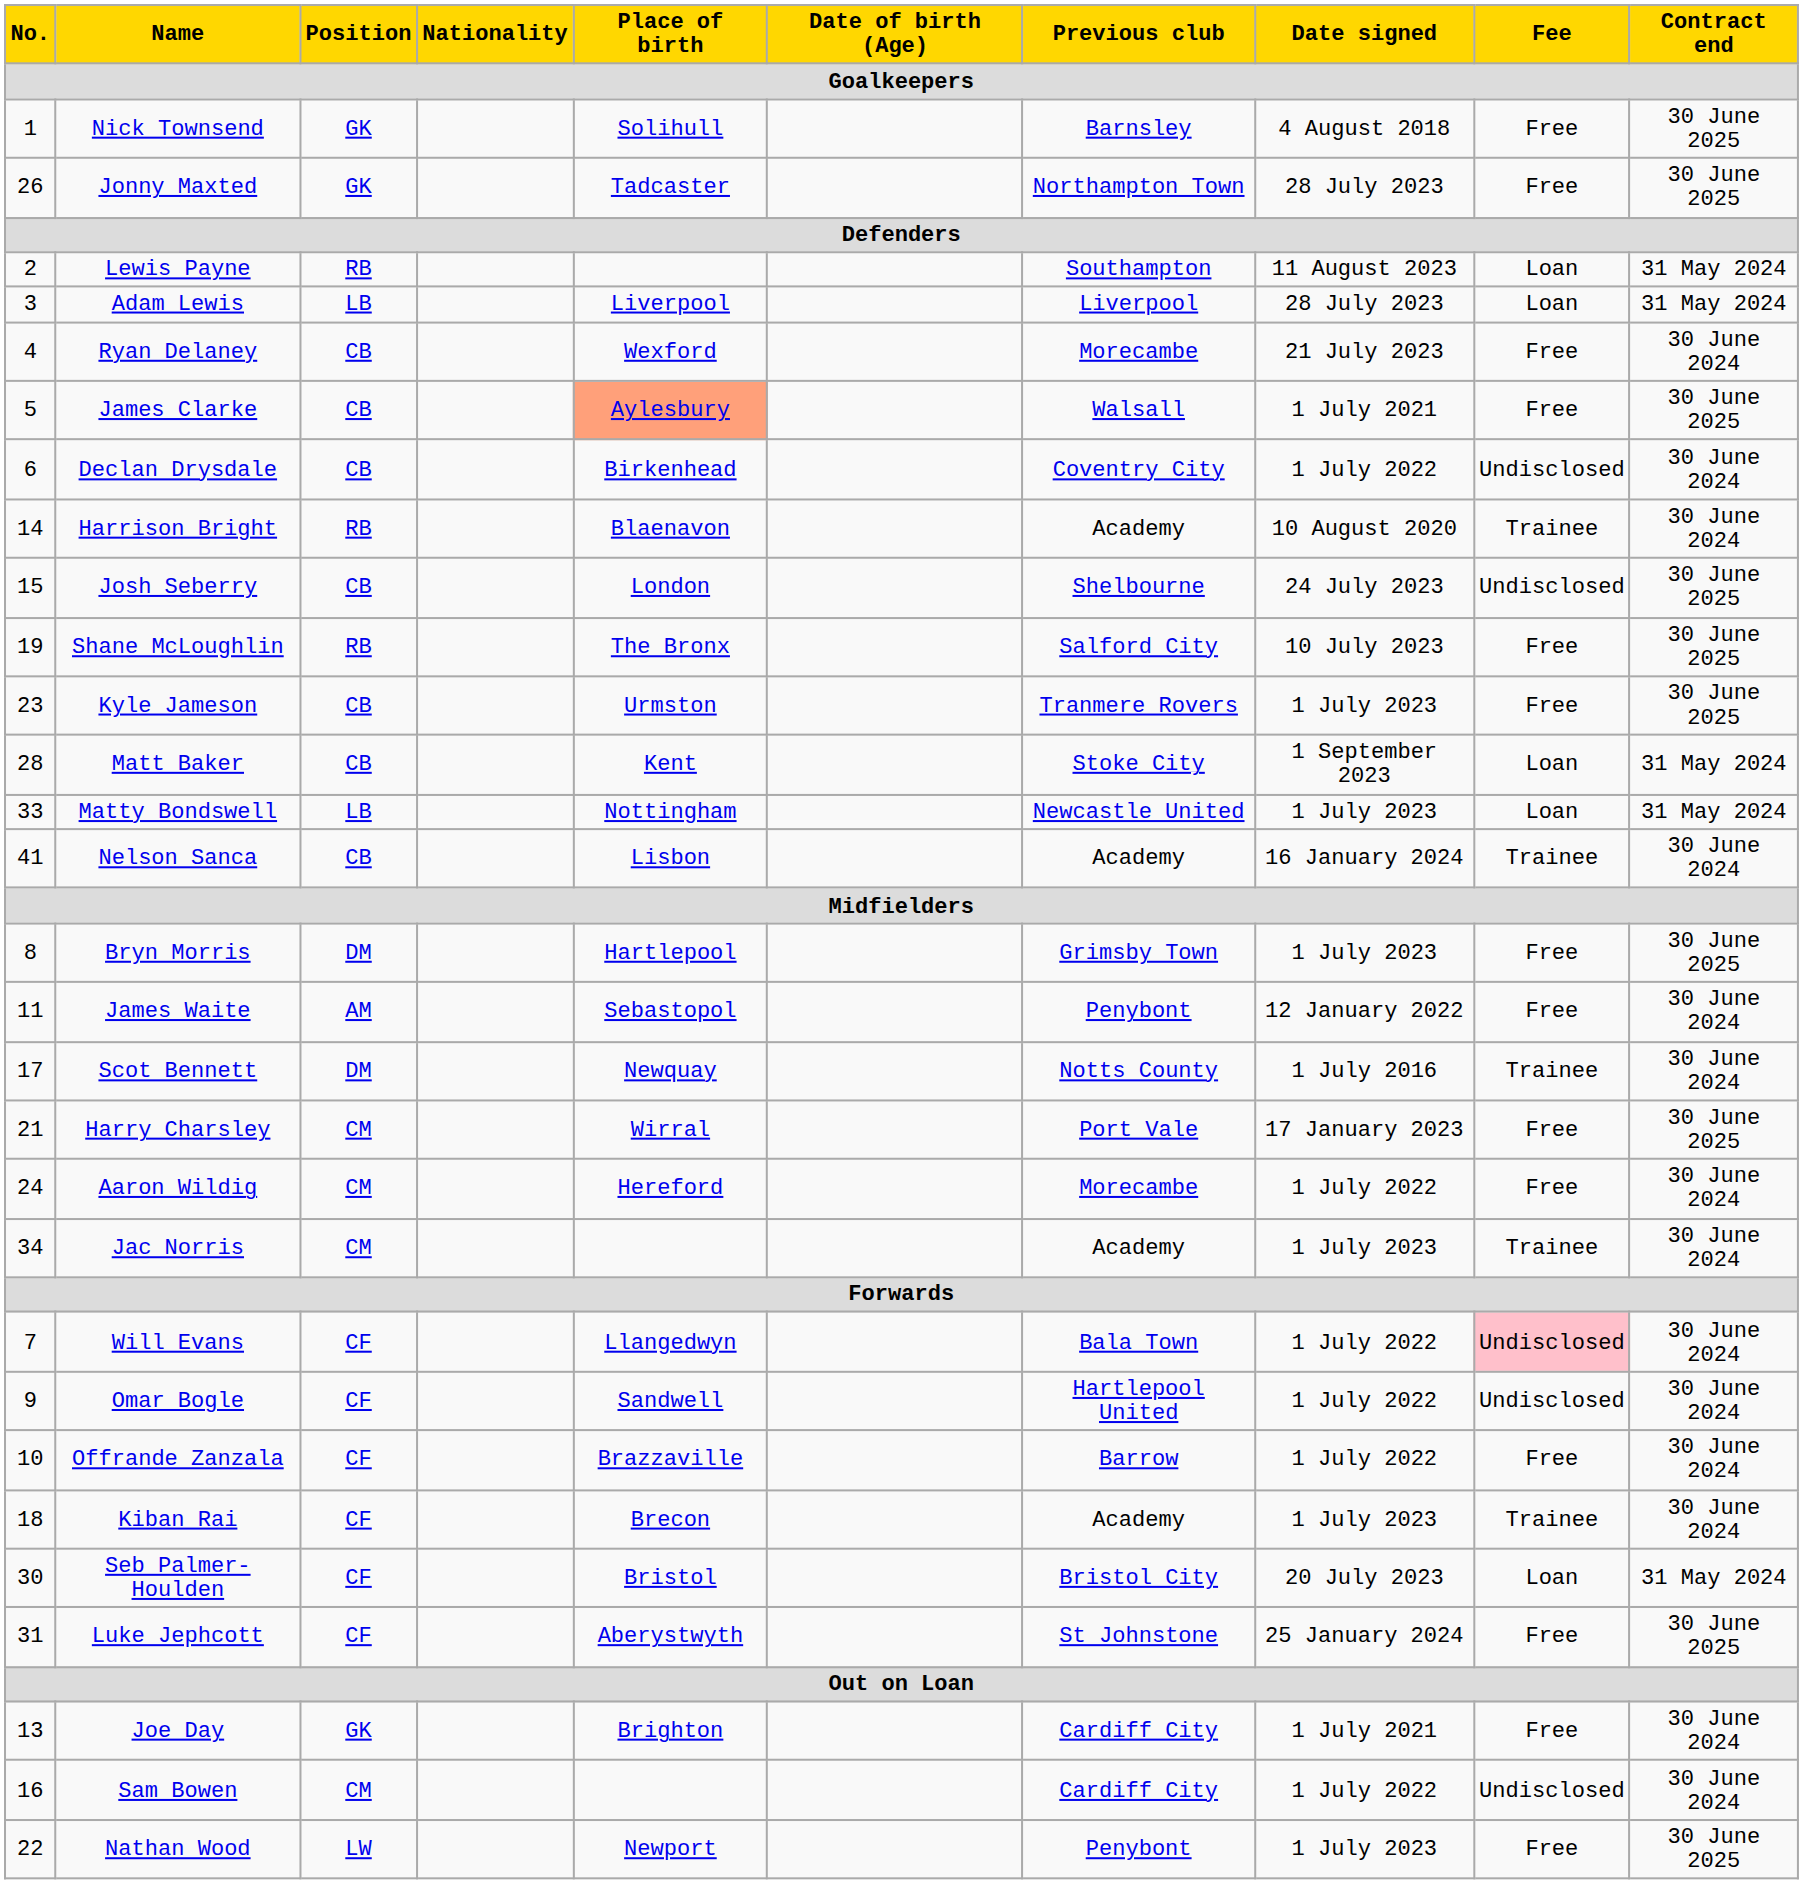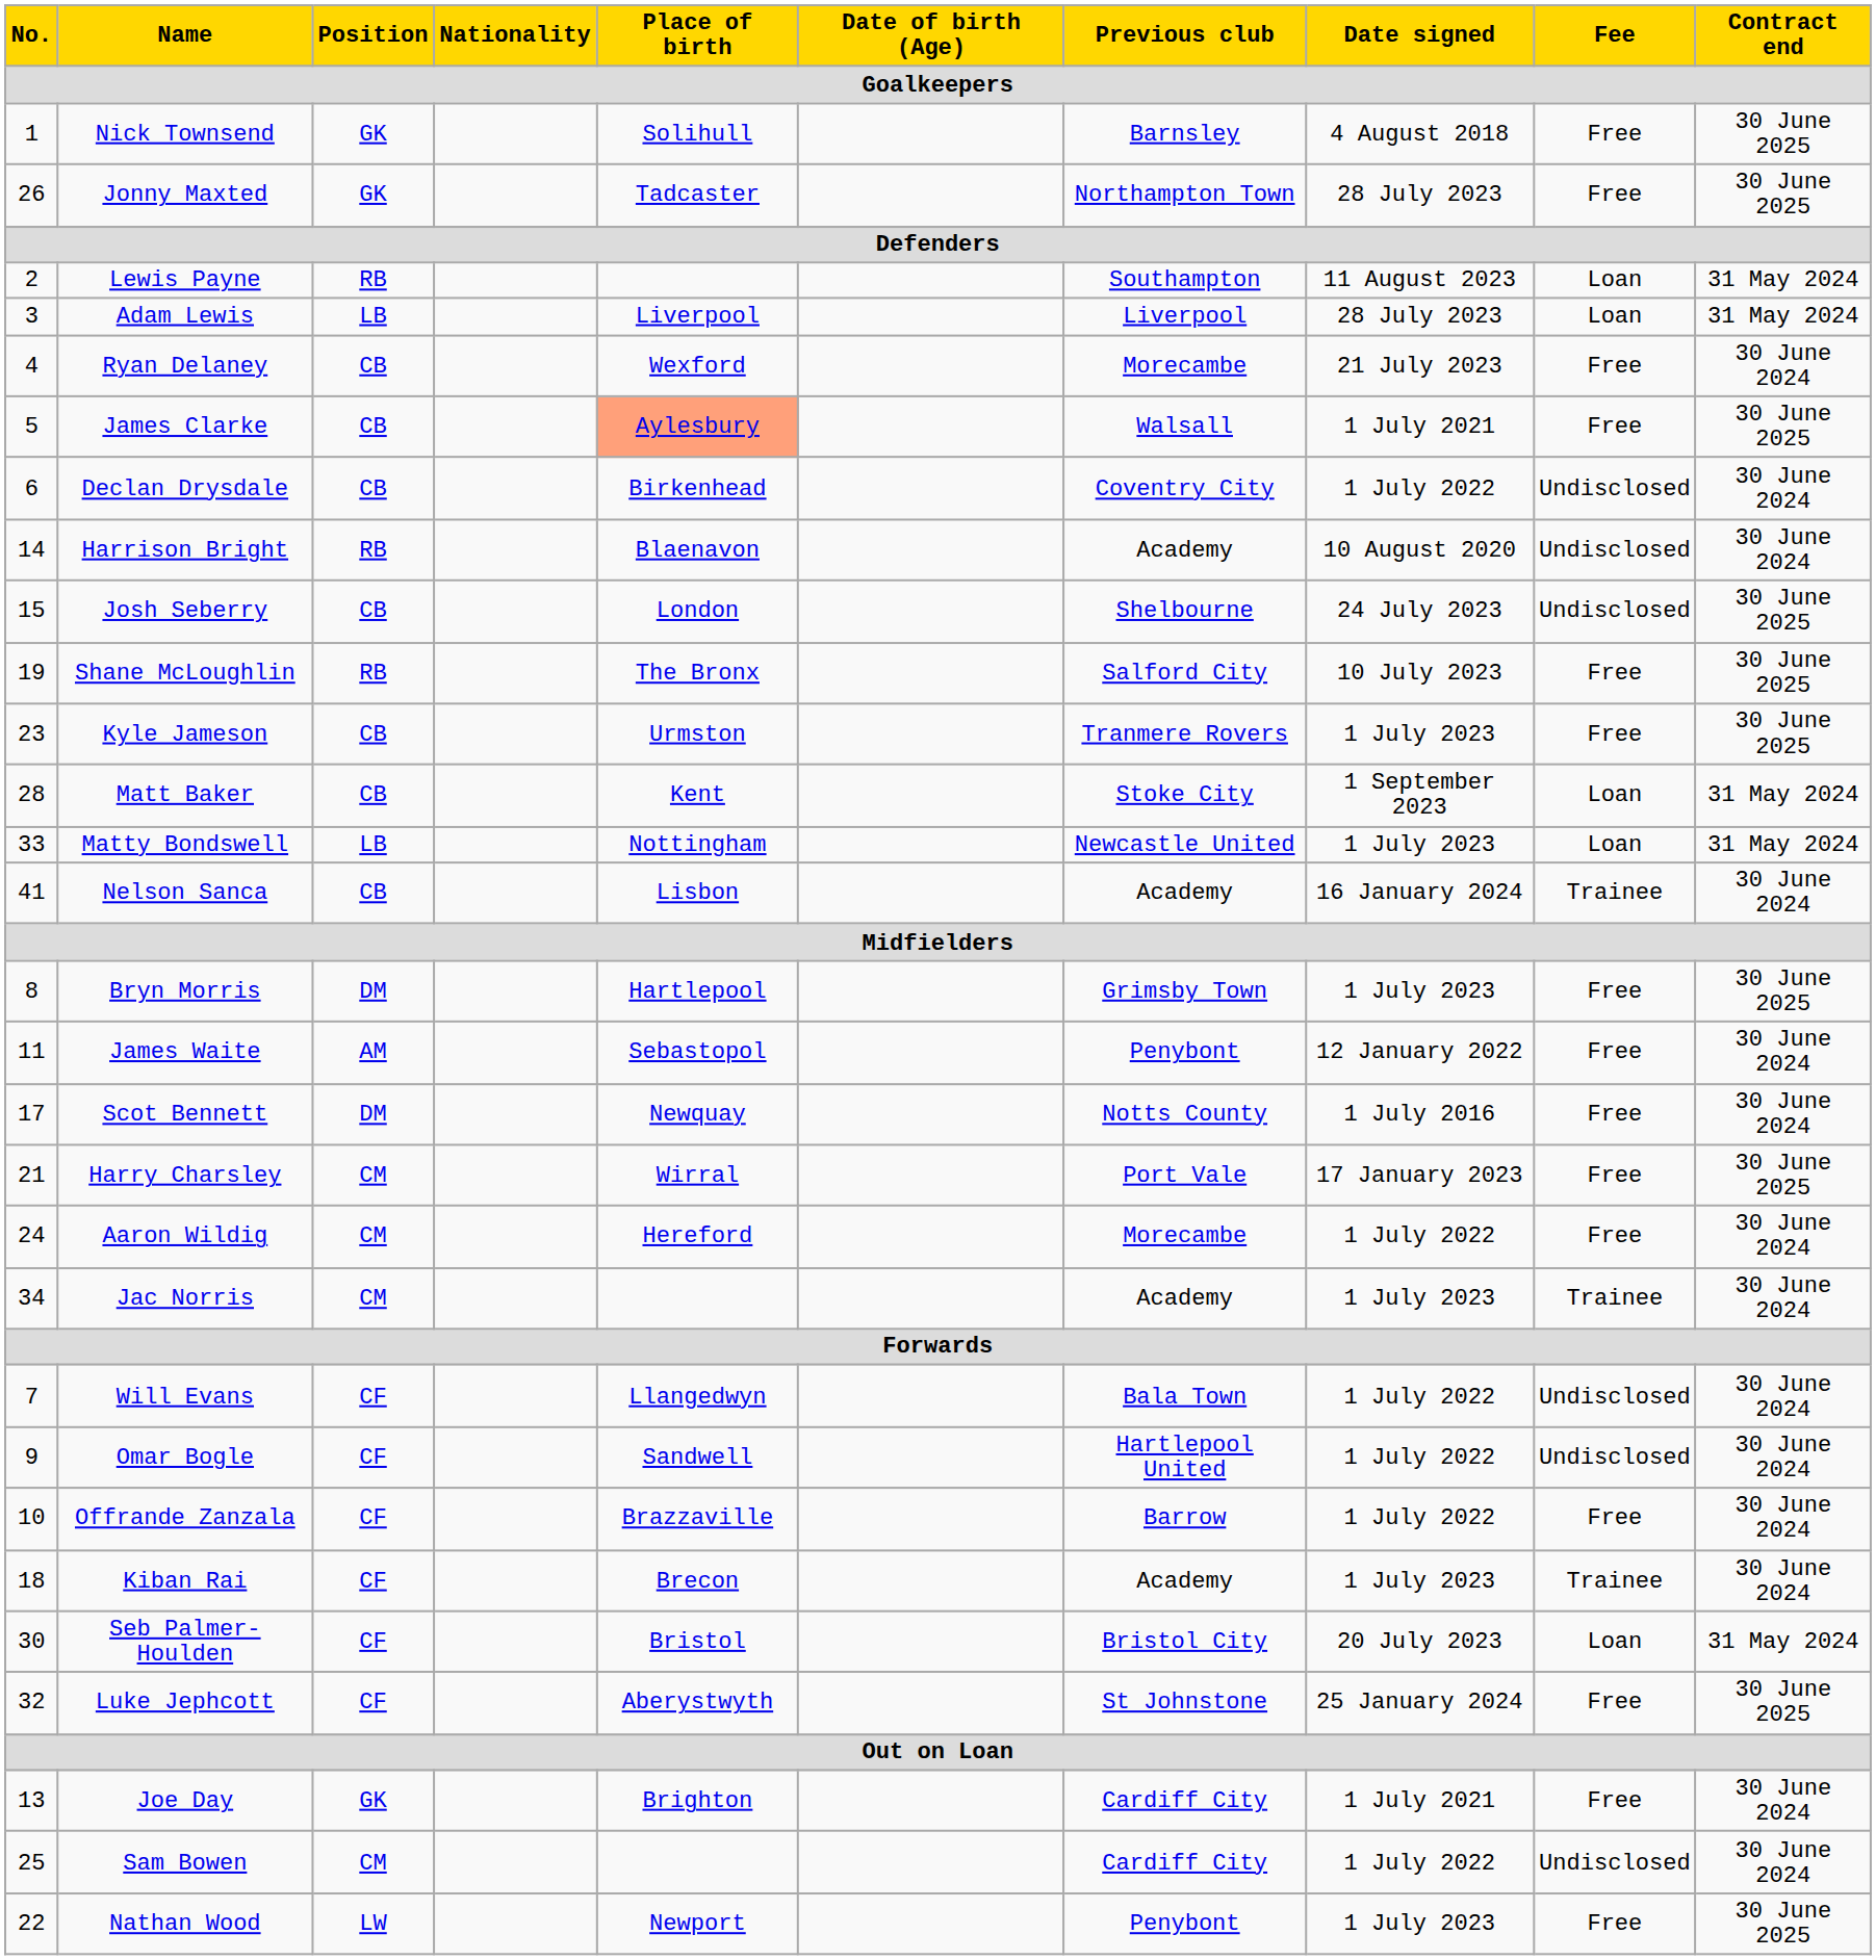 <table class="wikitable" style="text-align:center; font-size:84.5%; width:101%;">
 <tr>
 <th style="background:gold; color:black; text-align:center;">No.</th>
 <th style="background:gold; color:black; text-align:center;">Name</th>
 <th style="background:gold; color:black; text-align:center;">Position</th>
 <th style="background:gold; color:black; text-align:center;">Nationality</th>
 <th style="background:gold; color:black; text-align:center;">Place of birth</th>
 <th style="background:gold; color:black; text-align:center;">Date of birth (Age)</th>
 <th style="background:gold; color:black; text-align:center;">Previous club</th>
 <th style="background:gold; color:black; text-align:center;">Date signed</th>
 <th style="background:gold; color:black; text-align:center;">Fee</th>
 <th style="background:gold; color:black; text-align:center;">Contract end</th>
 </tr>
 <tr>
 <th colspan="14" style="background:#dcdcdc; tepxt-align:center;">Goalkeepers</th>
 </tr>
 <tr>
 <td>1</td>
 <td><a href='#'>Nick Townsend</a></td>
 <td><a href='#'>GK</a></td>
 <td></td>
 <td> <a href='#'>Solihull</a></td>
 <td></td>
 <td><a href='#'>Barnsley</a></td>
 <td>4 August 2018</td>
 <td>Free</td>
 <td>30 June 2025</td>
 </tr>
 <tr>
 <td>26</td>
 <td><a href='#'>Jonny Maxted</a></td>
 <td><a href='#'>GK</a></td>
 <td></td>
 <td><a href='#'>Tadcaster</a></td>
 <td></td>
 <td><a href='#'>Northampton Town</a></td>
 <td>28 July 2023</td>
 <td>Free</td>
 <td>30 June 2025</td>
 </tr>
 <tr>
 <th colspan="14" style="background:#dcdcdc; tepxt-align:center;">Defenders</th>
 </tr>
 <tr>
 <td>2</td>
 <td><a href='#'>Lewis Payne</a></td>
 <td><a href='#'>RB</a></td>
 <td></td>
 <td></td>
 <td></td>
 <td><a href='#'>Southampton</a></td>
 <td>11 August 2023</td>
 <td>Loan</td>
 <td>31 May 2024</td>
 </tr>
 <tr>
 <td>3</td>
 <td><a href='#'>Adam Lewis</a></td>
 <td><a href='#'>LB</a></td>
 <td></td>
 <td><a href='#'>Liverpool</a></td>
 <td></td>
 <td><a href='#'>Liverpool</a></td>
 <td>28 July 2023</td>
 <td>Loan</td>
 <td>31 May 2024</td>
 </tr>
 <tr>
 <td>4</td>
 <td><a href='#'>Ryan Delaney</a></td>
 <td><a href='#'>CB</a></td>
 <td></td>
 <td><a href='#'>Wexford</a></td>
 <td></td>
 <td><a href='#'>Morecambe</a></td>
 <td>21 July 2023</td>
 <td>Free</td>
 <td>30 June 2024</td>
 </tr>
 <tr>
 <td>5</td>
 <td><a href='#'>James Clarke</a></td>
 <td><a href='#'>CB</a></td>
 <td></td>
 <td style="background: lightsalmon;"><a href='#'>Aylesbury</a></td>
 <td></td>
 <td><a href='#'>Walsall</a></td>
 <td>1 July 2021</td>
 <td>Free</td>
 <td>30 June 2025</td>
 </tr>
 <tr>
 <td>6</td>
 <td><a href='#'>Declan Drysdale</a></td>
 <td><a href='#'>CB</a></td>
 <td></td>
 <td><a href='#'>Birkenhead</a></td>
 <td></td>
 <td><a href='#'>Coventry City</a></td>
 <td>1 July 2022</td>
 <td>Undisclosed</td>
 <td>30 June 2024</td>
 </tr>
 <tr>
 <td>14</td>
 <td><a href='#'>Harrison Bright</a></td>
 <td><a href='#'>RB</a></td>
 <td></td>
 <td><a href='#'>Blaenavon</a></td>
 <td></td>
 <td>Academy</td>
 <td>10 August 2020</td>
-<td>Trainee</td>
+<td>Undisclosed</td>
 <td>30 June 2024</td>
 </tr>
 <tr>
 <td>15</td>
 <td><a href='#'>Josh Seberry</a></td>
 <td><a href='#'>CB</a></td>
 <td></td>
 <td> <a href='#'>London</a></td>
 <td></td>
 <td><a href='#'>Shelbourne</a></td>
 <td>24 July 2023</td>
 <td>Undisclosed</td>
 <td>30 June 2025</td>
 </tr>
 <tr>
 <td>19</td>
 <td><a href='#'>Shane McLoughlin</a></td>
 <td><a href='#'>RB</a></td>
 <td></td>
 <td> <a href='#'>The Bronx</a></td>
 <td></td>
 <td><a href='#'>Salford City</a></td>
 <td>10 July 2023</td>
 <td>Free</td>
 <td>30 June 2025</td>
 </tr>
 <tr>
 <td>23</td>
 <td><a href='#'>Kyle Jameson</a></td>
 <td><a href='#'>CB</a></td>
 <td></td>
 <td><a href='#'>Urmston</a></td>
 <td></td>
 <td><a href='#'>Tranmere Rovers</a></td>
 <td>1 July 2023</td>
 <td>Free</td>
 <td>30 June 2025</td>
 </tr>
 <tr>
 <td>28</td>
 <td><a href='#'>Matt Baker</a></td>
 <td><a href='#'>CB</a></td>
 <td></td>
 <td> <a href='#'>Kent</a></td>
 <td></td>
 <td><a href='#'>Stoke City</a></td>
 <td>1 September 2023</td>
 <td>Loan</td>
 <td>31 May 2024</td>
 </tr>
 <tr>
 <td>33</td>
 <td><a href='#'>Matty Bondswell</a></td>
 <td><a href='#'>LB</a></td>
 <td></td>
 <td><a href='#'>Nottingham</a></td>
 <td></td>
 <td><a href='#'>Newcastle United</a></td>
 <td>1 July 2023</td>
 <td>Loan</td>
 <td>31 May 2024</td>
 </tr>
 <tr>
 <td>41</td>
 <td><a href='#'>Nelson Sanca</a></td>
 <td><a href='#'>CB</a></td>
 <td></td>
 <td><a href='#'>Lisbon</a></td>
 <td></td>
 <td>Academy</td>
 <td>16 January 2024</td>
 <td>Trainee</td>
 <td>30 June 2024</td>
 </tr>
 <tr>
 <th colspan="14" style="background:#dcdcdc; tepxt-align:center;">Midfielders</th>
 </tr>
 <tr>
 <td>8</td>
 <td><a href='#'>Bryn Morris</a></td>
 <td><a href='#'>DM</a></td>
 <td></td>
 <td><a href='#'>Hartlepool</a></td>
 <td></td>
 <td><a href='#'>Grimsby Town</a></td>
 <td>1 July 2023</td>
 <td>Free</td>
 <td>30 June 2025</td>
 </tr>
 <tr>
 <td>11</td>
 <td><a href='#'>James Waite</a></td>
 <td><a href='#'>AM</a></td>
 <td></td>
 <td><a href='#'>Sebastopol</a></td>
 <td></td>
 <td><a href='#'>Penybont</a></td>
 <td>12 January 2022</td>
 <td>Free</td>
 <td>30 June 2024</td>
 </tr>
 <tr>
 <td>17</td>
 <td><a href='#'>Scot Bennett</a></td>
 <td><a href='#'>DM</a></td>
 <td></td>
 <td><a href='#'>Newquay</a></td>
 <td></td>
 <td><a href='#'>Notts County</a></td>
 <td>1 July 2016</td>
-<td>Trainee</td>
+<td>Free</td>
 <td>30 June 2024</td>
 </tr>
 <tr>
 <td>21</td>
 <td><a href='#'>Harry Charsley</a></td>
 <td><a href='#'>CM</a></td>
 <td></td>
 <td> <a href='#'>Wirral</a></td>
 <td></td>
 <td><a href='#'>Port Vale</a></td>
 <td>17 January 2023</td>
 <td>Free</td>
 <td>30 June 2025</td>
 </tr>
 <tr>
 <td>24</td>
 <td><a href='#'>Aaron Wildig</a></td>
 <td><a href='#'>CM</a></td>
 <td></td>
 <td><a href='#'>Hereford</a></td>
 <td></td>
 <td><a href='#'>Morecambe</a></td>
 <td>1 July 2022</td>
 <td>Free</td>
 <td>30 June 2024</td>
 </tr>
 <tr>
 <td>34</td>
 <td><a href='#'>Jac Norris</a></td>
 <td><a href='#'>CM</a></td>
 <td></td>
 <td></td>
 <td></td>
 <td>Academy</td>
 <td>1 July 2023</td>
 <td>Trainee</td>
 <td>30 June 2024</td>
 </tr>
 <tr>
 <th colspan="14" style="background:#dcdcdc; tepxt-align:center;">Forwards</th>
 </tr>
 <tr>
 <td>7</td>
 <td><a href='#'>Will Evans</a></td>
 <td><a href='#'>CF</a></td>
 <td></td>
 <td><a href='#'>Llangedwyn</a></td>
 <td></td>
 <td><a href='#'>Bala Town</a></td>
 <td>1 July 2022</td>
-<td style="background: pink;">Undisclosed</td>
+<td>Undisclosed</td>
 <td>30 June 2024</td>
 </tr>
 <tr>
 <td>9</td>
 <td><a href='#'>Omar Bogle</a></td>
 <td><a href='#'>CF</a></td>
 <td></td>
 <td><a href='#'>Sandwell</a></td>
 <td></td>
 <td><a href='#'>Hartlepool United</a></td>
 <td>1 July 2022</td>
 <td>Undisclosed</td>
 <td>30 June 2024</td>
 </tr>
 <tr>
 <td>10</td>
 <td><a href='#'>Offrande Zanzala</a></td>
 <td><a href='#'>CF</a></td>
 <td></td>
 <td><a href='#'>Brazzaville</a></td>
 <td></td>
 <td><a href='#'>Barrow</a></td>
 <td>1 July 2022</td>
 <td>Free</td>
 <td>30 June 2024</td>
 </tr>
 <tr>
 <td>18</td>
 <td><a href='#'>Kiban Rai</a></td>
 <td><a href='#'>CF</a></td>
 <td></td>
 <td><a href='#'>Brecon</a></td>
 <td></td>
 <td>Academy</td>
 <td>1 July 2023</td>
 <td>Trainee</td>
 <td>30 June 2024</td>
 </tr>
 <tr>
 <td>30</td>
 <td><a href='#'>Seb Palmer-Houlden</a></td>
 <td><a href='#'>CF</a></td>
 <td></td>
 <td><a href='#'>Bristol</a></td>
 <td></td>
 <td><a href='#'>Bristol City</a></td>
 <td>20 July 2023</td>
 <td>Loan</td>
 <td>31 May 2024</td>
 </tr>
 <tr>
-<td>31</td>
+<td>32</td>
 <td><a href='#'>Luke Jephcott</a></td>
 <td><a href='#'>CF</a></td>
 <td></td>
 <td><a href='#'>Aberystwyth</a></td>
 <td></td>
 <td><a href='#'>St Johnstone</a></td>
 <td>25 January 2024</td>
 <td>Free</td>
 <td>30 June 2025</td>
 </tr>
 <tr>
 <th colspan="14" style="background:#dcdcdc; tepxt-align:center;">Out on Loan</th>
 </tr>
 <tr>
 <td>13</td>
 <td><a href='#'>Joe Day</a></td>
 <td><a href='#'>GK</a></td>
 <td></td>
 <td><a href='#'>Brighton</a></td>
 <td></td>
 <td><a href='#'>Cardiff City</a></td>
 <td>1 July 2021</td>
 <td>Free</td>
 <td>30 June 2024</td>
 </tr>
 <tr>
-<td>16</td>
+<td>25</td>
 <td><a href='#'>Sam Bowen</a></td>
 <td><a href='#'>CM</a></td>
 <td></td>
 <td></td>
 <td></td>
 <td><a href='#'>Cardiff City</a></td>
 <td>1 July 2022</td>
 <td>Undisclosed</td>
 <td>30 June 2024</td>
 </tr>
 <tr>
 <td>22</td>
 <td><a href='#'>Nathan Wood</a></td>
 <td><a href='#'>LW</a></td>
 <td></td>
 <td><a href='#'>Newport</a></td>
 <td></td>
 <td><a href='#'>Penybont</a></td>
 <td>1 July 2023</td>
 <td>Free</td>
 <td>30 June 2025</td>
 </tr>
 </table>
